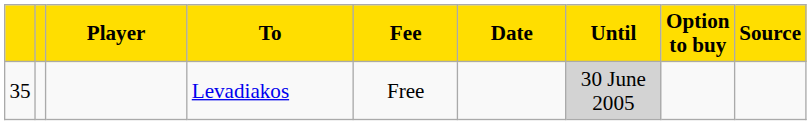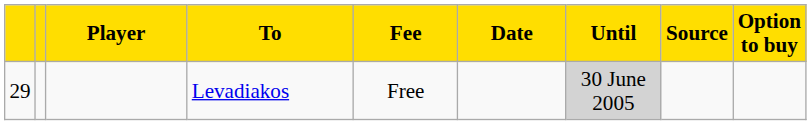 <table class="wikitable sortable">
 <tr>
 <th style="background:#FFDE00"></th>
 <th style="background:#FFDE00"></th>
 <th width=200 style="background:#FFDE00">Player</th>
 <th width=200 style="background:#FFDE00">To</th>
 <th width=150 style="background:#FFDE00">Fee</th>
 <th width=150 style="background:#FFDE00">Date</th>
 <th width=120 style="background:#FFDE00">Until</th>
+<th style="background:#FFDE00">Source</th>
 <th style="background:#FFDE00">Option to buy</th>
-<th style="background:#FFDE00">Source</th>
 </tr>
 <tr>
-<td align=center>35</td>
+<td align=center>29</td>
 <td align=center></td>
 <td></td>
 <td> <a href='#'>Levadiakos</a></td>
 <td align=center>Free</td>
 <td align=center></td>
 <td align=center style="background: lightgrey;">30 June 2005</td>
 <td align=center></td>
 <td align=center></td>
 </tr>
 </table>
